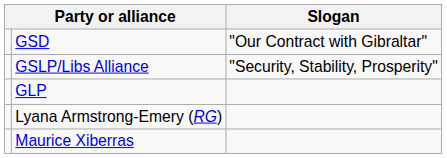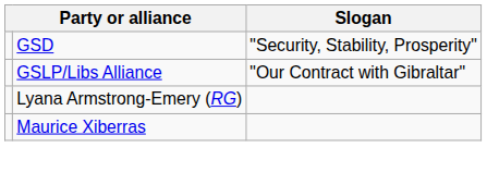 <table class="wikitable">
 <tr>
 <th colspan="2">Party or alliance</th>
 <th>Slogan</th>
 </tr>
 <tr>
 <td></td>
 <td><a href='#'>GSD</a></td>
-<td>"Our Contract with Gibraltar"</td>
+<td>"Security, Stability, Prosperity"</td>
 </tr>
 <tr>
 <td></td>
 <td><a href='#'>GSLP/Libs Alliance</a></td>
-<td>"Security, Stability, Prosperity"</td>
-</tr>
-<tr>
-<td></td>
-<td><a href='#'>GLP</a></td>
-<td></td>
+<td>"Our Contract with Gibraltar"</td>
 </tr>
 <tr>
 <td></td>
 <td>Lyana Armstrong-Emery (<em><a href='#'>RG</a></em>)</td>
 <td></td>
 </tr>
 <tr>
 <td></td>
 <td><a href='#'>Maurice Xiberras</a></td>
 <td></td>
 </tr>
 </table>
